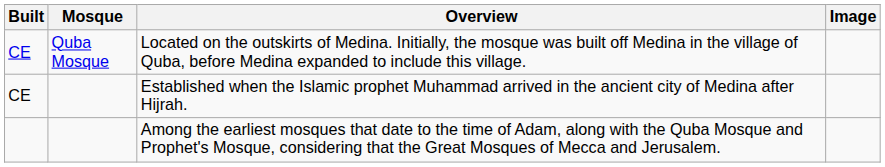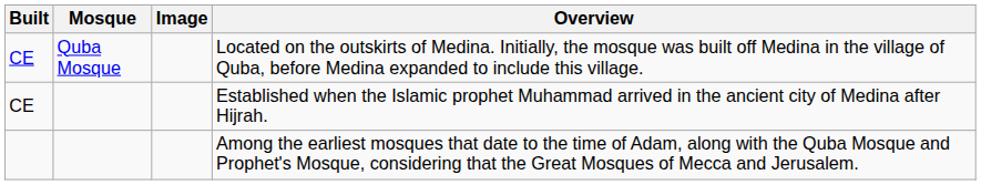 <table class="wikitable sortable">
 <tr>
 <th>Built</th>
 <th>Mosque</th>
+<th>Image</th>
 <th>Overview</th>
-<th>Image</th>
 </tr>
 <tr>
 <td> <a href='#'>CE</a></td>
 <td><a href='#'>Quba Mosque</a><br></td>
+<td></td>
 <td>Located on the outskirts of Medina. Initially, the mosque was built  off Medina in the village of Quba, before Medina expanded to include this village.</td>
-<td></td>
 </tr>
 <tr>
 <td> CE</td>
 <td><br></td>
+<td></td>
 <td>Established when the Islamic prophet Muhammad arrived in the ancient city of Medina after Hijrah.</td>
-<td></td>
 </tr>
 <tr>
 <td></td>
 <td><br></td>
+<td></td>
 <td>Among the earliest mosques that date to the time of Adam, along with the Quba Mosque and Prophet's Mosque, considering that the Great Mosques of Mecca and Jerusalem.</td>
-<td></td>
 </tr>
 </table>
